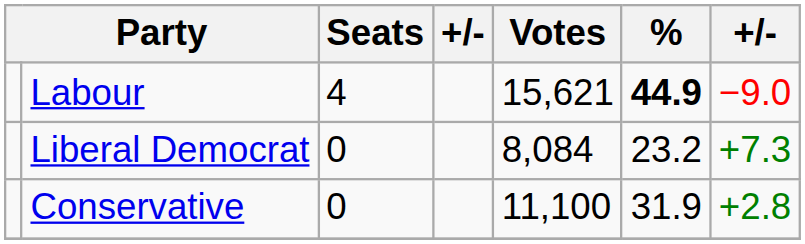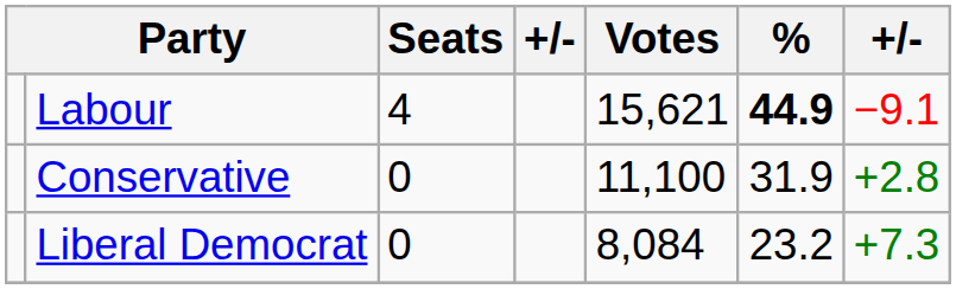 <table class="wikitable">
 <tr>
 <th colspan="2">Party</th>
 <th>Seats</th>
 <th>+/-</th>
 <th>Votes</th>
 <th>%</th>
 <th>+/-</th>
 </tr>
 <tr>
 <td style="background-color: "></td>
 <td><a href='#'>Labour</a></td>
 <td>4</td>
 <td></td>
 <td>15,621</td>
 <td><strong>44.9</strong></td>
-<td style="color:red">−9.0</td>
+<td style="color:red">−9.1</td>
+</tr>
+<tr>
+<td style="background-color: "></td>
+<td><a href='#'>Conservative</a></td>
+<td>0</td>
+<td></td>
+<td>11,100</td>
+<td>31.9</td>
+<td style="color:green">+2.8</td>
 </tr>
 <tr>
 <td style="background-color: "></td>
 <td><a href='#'>Liberal Democrat</a></td>
 <td>0</td>
 <td></td>
 <td>8,084</td>
 <td>23.2</td>
 <td style="color:green">+7.3</td>
 </tr>
 <tr>
-<td style="background-color: "></td>
-<td><a href='#'>Conservative</a></td>
-<td>0</td>
-<td></td>
-<td>11,100</td>
-<td>31.9</td>
-<td style="color:green">+2.8</td>
-</tr>
-<tr>
 </tr>
 </table>
